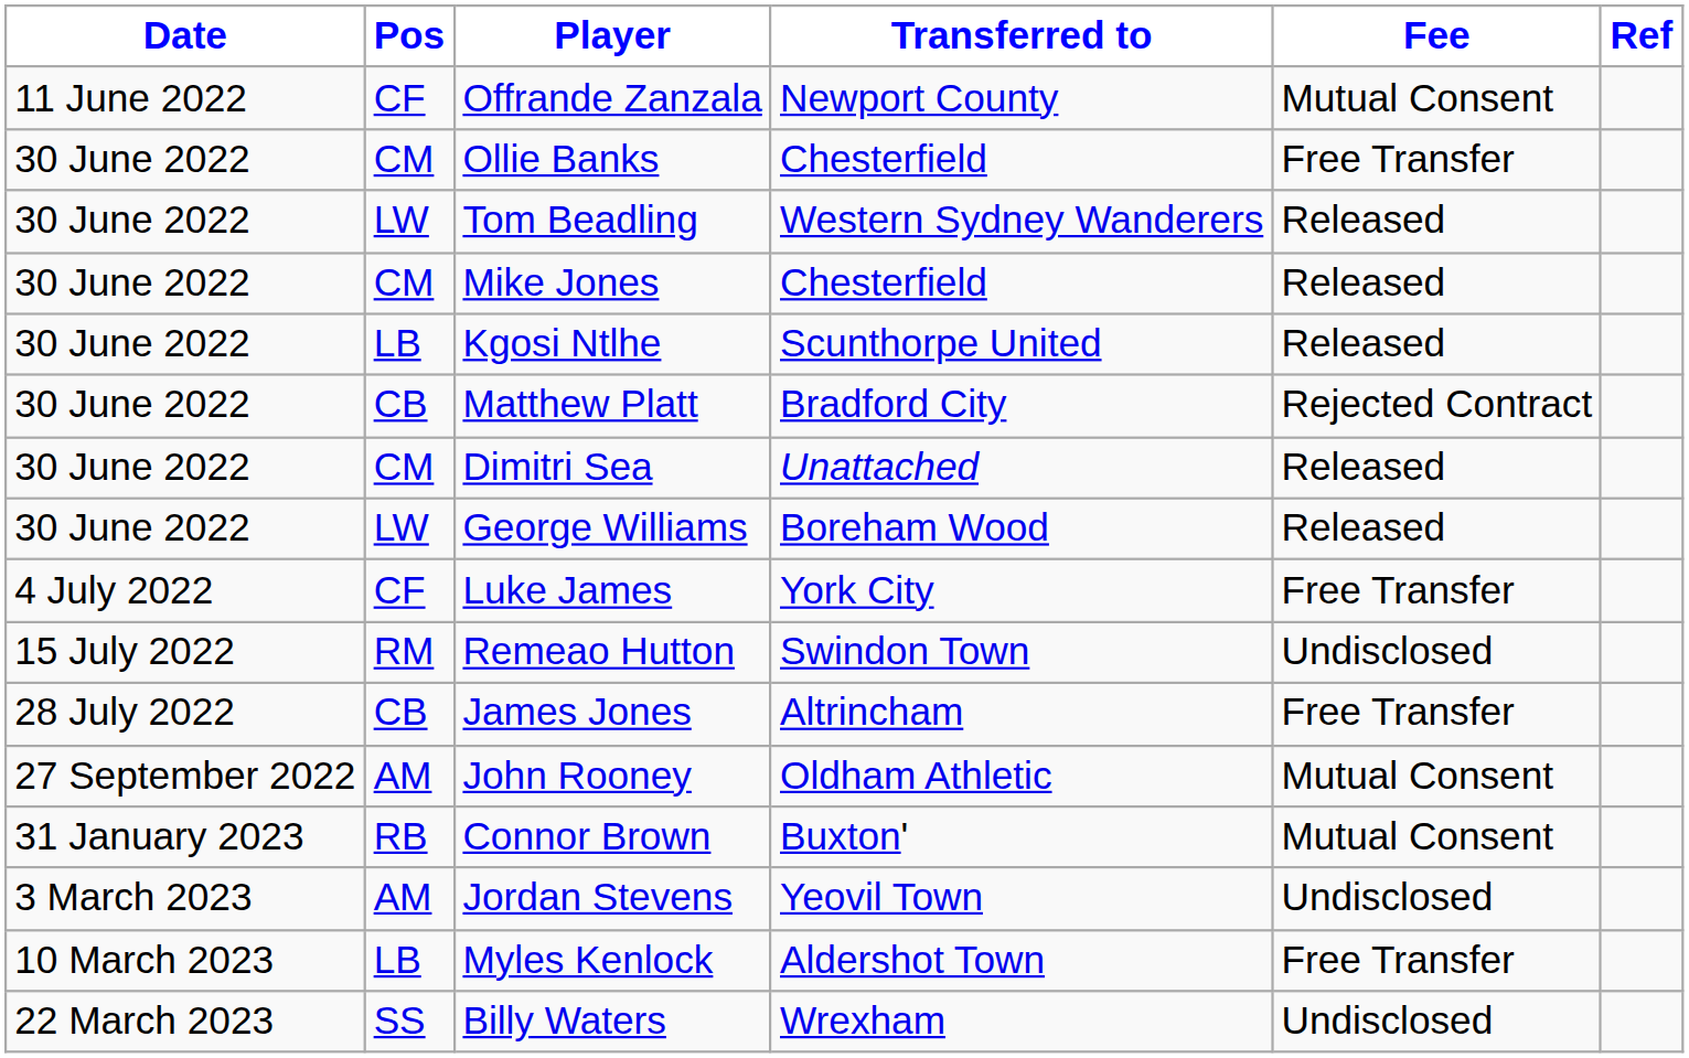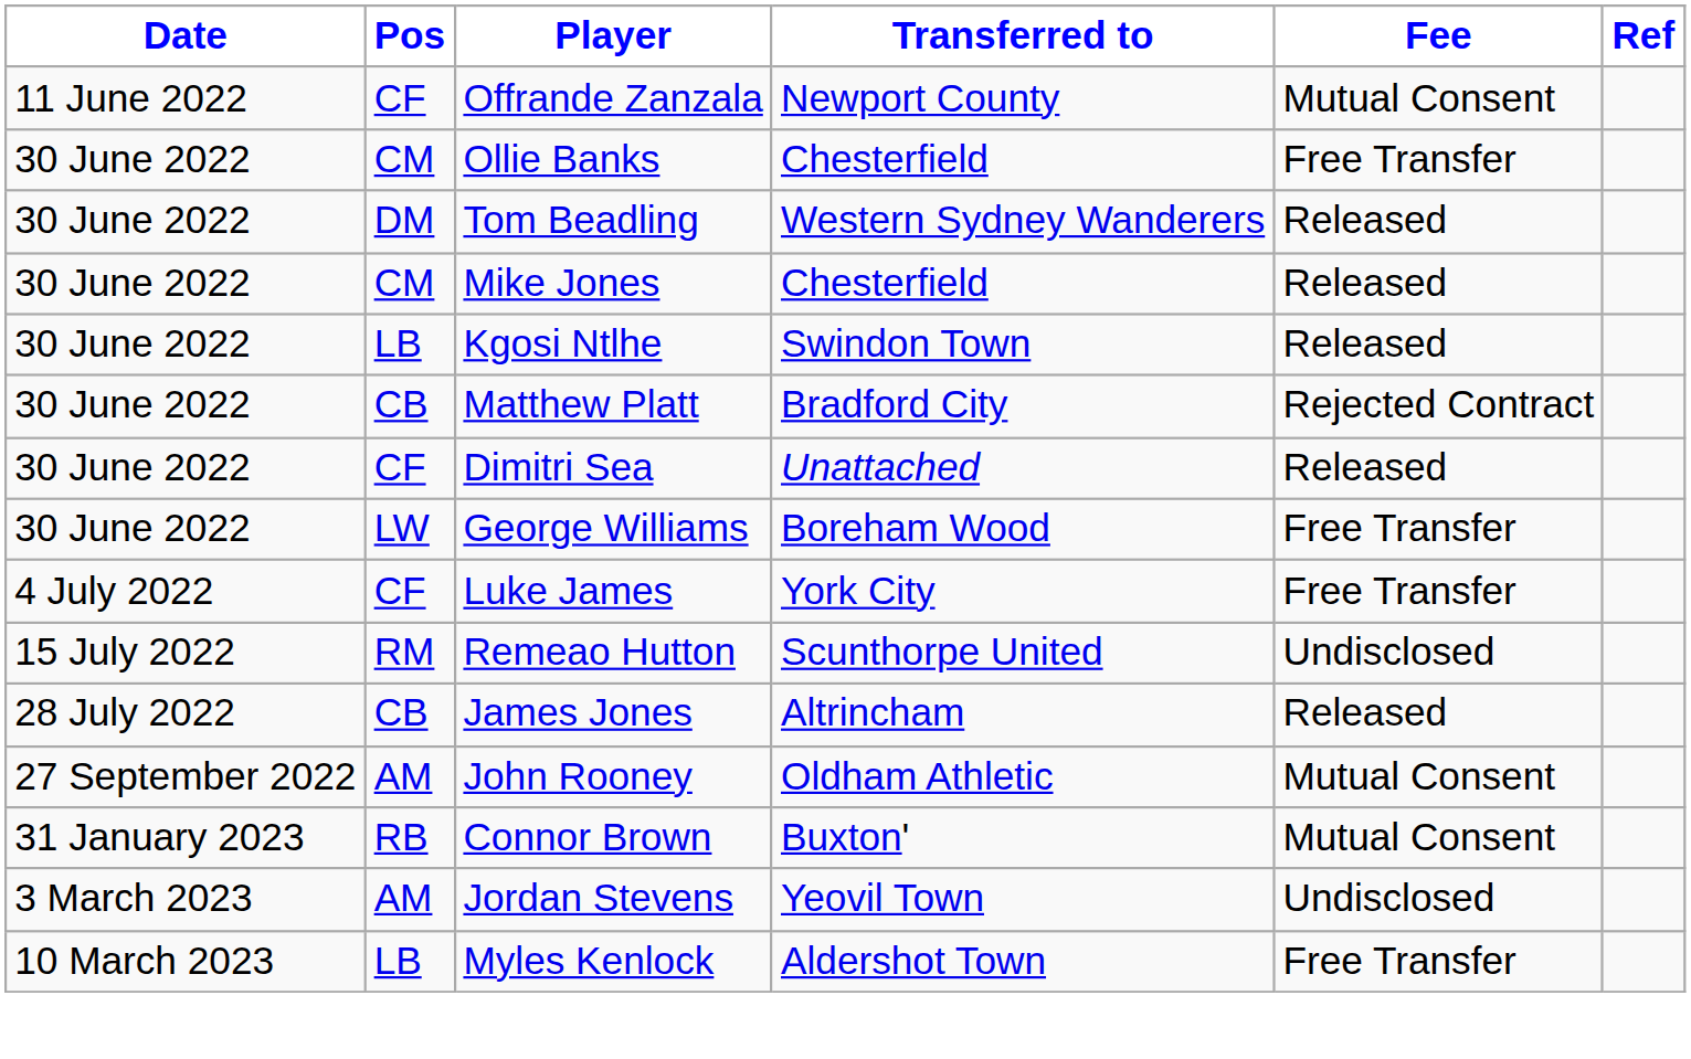 <table class="wikitable plainrowheaders sortable">
 <tr>
 <th style="background:#FFFFFF; color:#0000FF; ">Date</th>
 <th style="background:#FFFFFF; color:#0000ff; ">Pos</th>
 <th style="background:#FFFFFF; color:#0000ff; ">Player</th>
 <th style="background:#FFFFFF; color:#0000ff; ">Transferred to</th>
 <th style="background:#FFFFFF; color:#0000ff; ">Fee</th>
 <th style="background:#FFFFFF; color:#0000ff; ">Ref</th>
 </tr>
 <tr>
 <td>11 June 2022</td>
 <td><a href='#'>CF</a></td>
 <td> <a href='#'>Offrande Zanzala</a></td>
 <td> <a href='#'>Newport County</a></td>
 <td>Mutual Consent</td>
 <td></td>
 </tr>
 <tr>
 <td>30 June 2022</td>
 <td><a href='#'>CM</a></td>
 <td> <a href='#'>Ollie Banks</a></td>
 <td> <a href='#'>Chesterfield</a></td>
 <td>Free Transfer</td>
 <td></td>
 </tr>
 <tr>
 <td>30 June 2022</td>
-<td><a href='#'>LW</a></td>
+<td><a href='#'>DM</a></td>
 <td> <a href='#'>Tom Beadling</a></td>
 <td> <a href='#'>Western Sydney Wanderers</a></td>
 <td>Released</td>
 <td></td>
 </tr>
 <tr>
 <td>30 June 2022</td>
 <td><a href='#'>CM</a></td>
 <td> <a href='#'>Mike Jones</a></td>
 <td> <a href='#'>Chesterfield</a></td>
 <td>Released</td>
 <td></td>
 </tr>
 <tr>
 <td>30 June 2022</td>
 <td><a href='#'>LB</a></td>
 <td> <a href='#'>Kgosi Ntlhe</a></td>
-<td> <a href='#'>Scunthorpe United</a></td>
+<td> <a href='#'>Swindon Town</a></td>
 <td>Released</td>
 <td></td>
 </tr>
 <tr>
 <td>30 June 2022</td>
 <td><a href='#'>CB</a></td>
 <td> <a href='#'>Matthew Platt</a></td>
 <td> <a href='#'>Bradford City</a></td>
 <td>Rejected Contract</td>
 <td></td>
 </tr>
 <tr>
 <td>30 June 2022</td>
-<td><a href='#'>CM</a></td>
+<td><a href='#'>CF</a></td>
 <td> <a href='#'>Dimitri Sea</a></td>
 <td> <a href='#'><em>Unattached</em></a></td>
 <td>Released</td>
 <td></td>
 </tr>
 <tr>
 <td>30 June 2022</td>
 <td><a href='#'>LW</a></td>
 <td> <a href='#'>George Williams</a></td>
 <td> <a href='#'>Boreham Wood</a></td>
-<td>Released</td>
+<td>Free Transfer</td>
 <td></td>
 </tr>
 <tr>
 <td>4 July 2022</td>
 <td><a href='#'>CF</a></td>
 <td> <a href='#'>Luke James</a></td>
 <td> <a href='#'>York City</a></td>
 <td>Free Transfer</td>
 <td></td>
 </tr>
 <tr>
 <td>15 July 2022</td>
 <td><a href='#'>RM</a></td>
 <td> <a href='#'>Remeao Hutton</a></td>
-<td> <a href='#'>Swindon Town</a></td>
+<td> <a href='#'>Scunthorpe United</a></td>
 <td>Undisclosed</td>
 <td></td>
 </tr>
 <tr>
 <td>28 July 2022</td>
 <td><a href='#'>CB</a></td>
 <td> <a href='#'>James Jones</a></td>
 <td> <a href='#'>Altrincham</a></td>
-<td>Free Transfer</td>
+<td>Released</td>
 <td></td>
 </tr>
 <tr>
 <td>27 September 2022</td>
 <td><a href='#'>AM</a></td>
 <td> <a href='#'>John Rooney</a></td>
 <td> <a href='#'>Oldham Athletic</a></td>
 <td>Mutual Consent</td>
 <td></td>
 </tr>
 <tr>
 <td>31 January 2023</td>
 <td><a href='#'>RB</a></td>
 <td> <a href='#'>Connor Brown</a></td>
 <td> <a href='#'>Buxton</a>'</td>
 <td>Mutual Consent</td>
 <td></td>
 </tr>
 <tr>
 <td>3 March 2023</td>
 <td><a href='#'>AM</a></td>
 <td> <a href='#'>Jordan Stevens</a></td>
 <td> <a href='#'>Yeovil Town</a></td>
 <td>Undisclosed</td>
 <td></td>
 </tr>
 <tr>
 <td>10 March 2023</td>
 <td><a href='#'>LB</a></td>
 <td> <a href='#'>Myles Kenlock</a></td>
 <td> <a href='#'>Aldershot Town</a></td>
 <td>Free Transfer</td>
 <td></td>
 </tr>
-<tr>
-<td>22 March 2023</td>
-<td><a href='#'>SS</a></td>
-<td> <a href='#'>Billy Waters</a></td>
-<td> <a href='#'>Wrexham</a></td>
-<td>Undisclosed</td>
-<td></td>
-</tr>
 </table>
